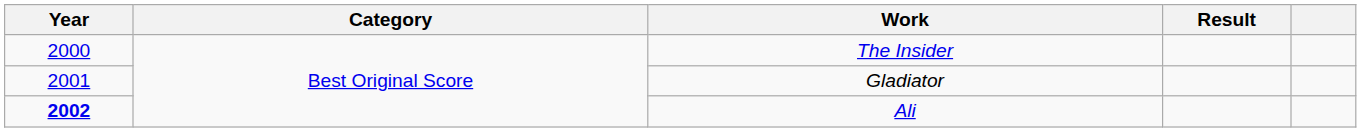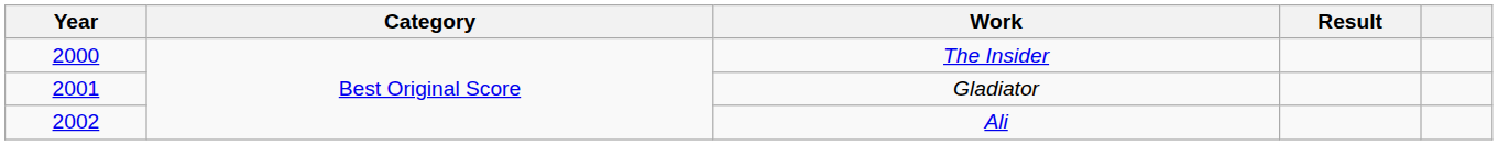 <table class="wikitable">
 <tr>
 <th style="width:5%;">Year</th>
 <th style="width:20%;">Category</th>
 <th style="width:20%;">Work</th>
 <th style="width:5%;">Result</th>
 <th style="width:2.5%;"></th>
 </tr>
 <tr>
 <td style="text-align:center;"><a href='#'>2000</a></td>
 <td rowspan="3" style="text-align:center;"><a href='#'>Best Original Score</a></td>
 <td style="text-align:center;"><em><a href='#'>The Insider</a></em></td>
 <td></td>
 <td style="text-align:center;"></td>
 </tr>
 <tr>
 <td style="text-align:center;"><a href='#'>2001</a></td>
 <td style="text-align:center;"><em>Gladiator</em></td>
 <td></td>
 <td style="text-align:center;"></td>
 </tr>
 <tr>
-<td style="text-align:center;"><strong><a href='#'>2002</a></strong></td>
+<td style="text-align:center;"><a href='#'>2002</a></td>
 <td style="text-align:center;"><em><a href='#'>Ali</a></em></td>
 <td></td>
 <td style="text-align:center;"></td>
 </tr>
 </table>
